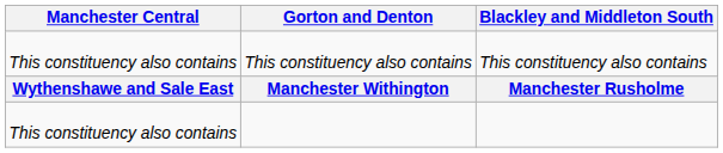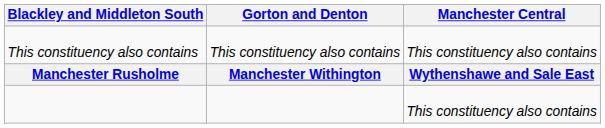 <table class="wikitable">
 <tr>
+<th><a href='#'>Blackley and Middleton South</a></th>
+<th><a href='#'>Gorton and Denton</a></th>
 <th><a href='#'>Manchester Central</a></th>
-<th><a href='#'>Gorton and Denton</a></th>
-<th><a href='#'>Blackley and Middleton South</a></th>
 </tr>
 <tr>
 <td><br><em>This constituency also contains</em><br></td>
 <td><br><em>This constituency also contains</em><br></td>
 <td><br><em>This constituency also contains</em><br></td>
 </tr>
 <tr>
+<th><a href='#'>Manchester Rusholme</a></th>
+<th><a href='#'>Manchester Withington</a></th>
 <th><a href='#'>Wythenshawe and Sale East</a></th>
-<th><a href='#'>Manchester Withington</a></th>
-<th><a href='#'>Manchester Rusholme</a></th>
 </tr>
 <tr>
-<td><br><em>This constituency also contains</em><br></td>
 <td></td>
 <td></td>
+<td><br><em>This constituency also contains</em><br></td>
 </tr>
 </table>
